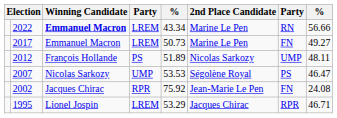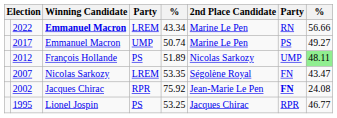 <table class="wikitable">
 <tr>
 <th colspan="2">Election</th>
 <th>Winning Candidate</th>
 <th>Party</th>
 <th>%</th>
 <th>2nd Place Candidate</th>
 <th>Party</th>
 <th>%</th>
 </tr>
 <tr>
 <td style="background:"></td>
 <td><a href='#'>2022</a></td>
 <td><strong><a href='#'>Emmanuel Macron</a></strong></td>
 <td><a href='#'>LREM</a></td>
 <td>43.34</td>
 <td><a href='#'>Marine Le Pen</a></td>
 <td><a href='#'>RN</a></td>
 <td>56.66</td>
 </tr>
 <tr>
 <td style="background-color: "></td>
 <td><a href='#'>2017</a></td>
 <td><a href='#'>Emmanuel Macron</a></td>
-<td><a href='#'>LREM</a></td>
-<td>50.73</td>
+<td><a href='#'>UMP</a></td>
+<td>50.74</td>
 <td><a href='#'>Marine Le Pen</a></td>
-<td><a href='#'>FN</a></td>
+<td><a href='#'>PS</a></td>
 <td>49.27</td>
 </tr>
 <tr>
 <td style="background-color: "></td>
 <td><a href='#'>2012</a></td>
 <td><a href='#'>François Hollande</a></td>
 <td><a href='#'>PS</a></td>
 <td>51.89</td>
 <td><a href='#'>Nicolas Sarkozy</a></td>
 <td><a href='#'>UMP</a></td>
-<td>48.11</td>
+<td style="background: lightgreen;">48.11</td>
 </tr>
 <tr>
 <td style="background-color: "></td>
 <td><a href='#'>2007</a></td>
 <td><a href='#'>Nicolas Sarkozy</a></td>
-<td><a href='#'>UMP</a></td>
-<td>53.53</td>
+<td><a href='#'>LREM</a></td>
+<td>53.35</td>
 <td><a href='#'>Ségolène Royal</a></td>
-<td><a href='#'>PS</a></td>
-<td>46.47</td>
+<td><a href='#'>FN</a></td>
+<td>43.47</td>
 </tr>
 <tr>
 <td style="background-color: "></td>
 <td><a href='#'>2002</a></td>
 <td><a href='#'>Jacques Chirac</a></td>
 <td><a href='#'>RPR</a></td>
 <td>75.92</td>
 <td><a href='#'>Jean-Marie Le Pen</a></td>
-<td><a href='#'>FN</a></td>
+<td><strong><a href='#'>FN</a></strong></td>
 <td>24.08</td>
 </tr>
 <tr>
 <td style="background-color: "></td>
 <td><a href='#'>1995</a></td>
 <td><a href='#'>Lionel Jospin</a></td>
-<td><a href='#'>LREM</a></td>
-<td>53.29</td>
+<td><a href='#'>PS</a></td>
+<td>53.25</td>
 <td><a href='#'>Jacques Chirac</a></td>
 <td><a href='#'>RPR</a></td>
-<td>46.71</td>
+<td>46.77</td>
 </tr>
 </table>
